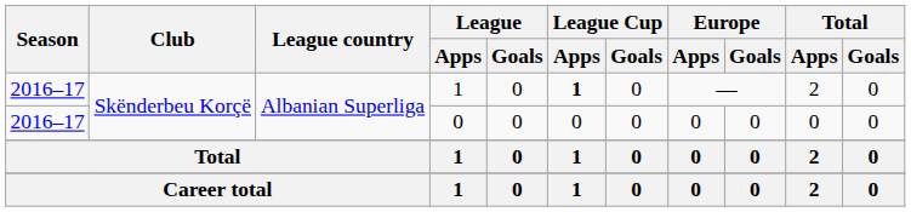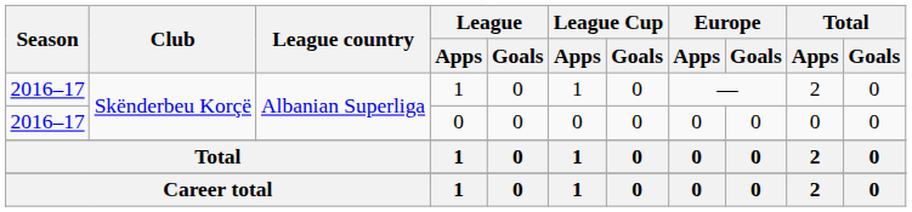 <table class="wikitable" style="text-align: center;">
 <tr>
 <th rowspan="2">Season</th>
 <th rowspan="2">Club</th>
 <th rowspan="2">League country</th>
 <th colspan="2">League</th>
 <th colspan="2">League Cup</th>
 <th colspan="2">Europe</th>
 <th colspan="2">Total</th>
 </tr>
 <tr>
 <th>Apps</th>
 <th>Goals</th>
 <th>Apps</th>
 <th>Goals</th>
 <th>Apps</th>
 <th>Goals</th>
 <th>Apps</th>
 <th>Goals</th>
 </tr>
 <tr>
 <td rowspan="1"><a href='#'>2016–17</a></td>
 <td rowspan="2" valign="center"><a href='#'>Skënderbeu Korçë</a></td>
 <td rowspan="2"><a href='#'>Albanian Superliga</a></td>
 <td>1</td>
 <td>0</td>
-<td><strong>1</strong></td>
+<td>1</td>
 <td>0</td>
 <td colspan="2">—</td>
 <td>2</td>
 <td>0</td>
 </tr>
 <tr>
 <td rowspan="1"><a href='#'>2016–17</a></td>
 <td>0</td>
 <td>0</td>
 <td>0</td>
 <td>0</td>
 <td>0</td>
 <td>0</td>
 <td>0</td>
 <td>0</td>
 </tr>
 <tr>
 </tr>
 <tr>
 <th colspan="3" valign="center">Total</th>
 <th>1</th>
 <th>0</th>
 <th>1</th>
 <th>0</th>
 <th>0</th>
 <th>0</th>
 <th>2</th>
 <th>0</th>
 </tr>
 <tr>
 </tr>
 <tr>
 <th colspan="3">Career total</th>
 <th>1</th>
 <th>0</th>
 <th>1</th>
 <th>0</th>
 <th>0</th>
 <th>0</th>
 <th>2</th>
 <th>0</th>
 </tr>
 </table>
